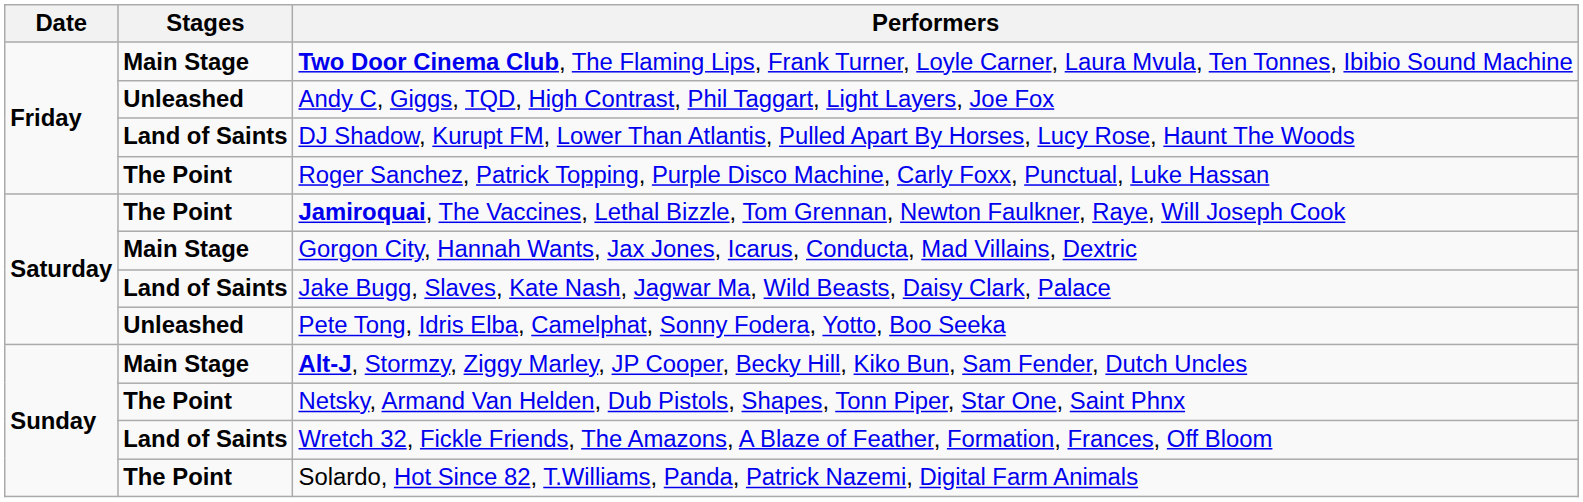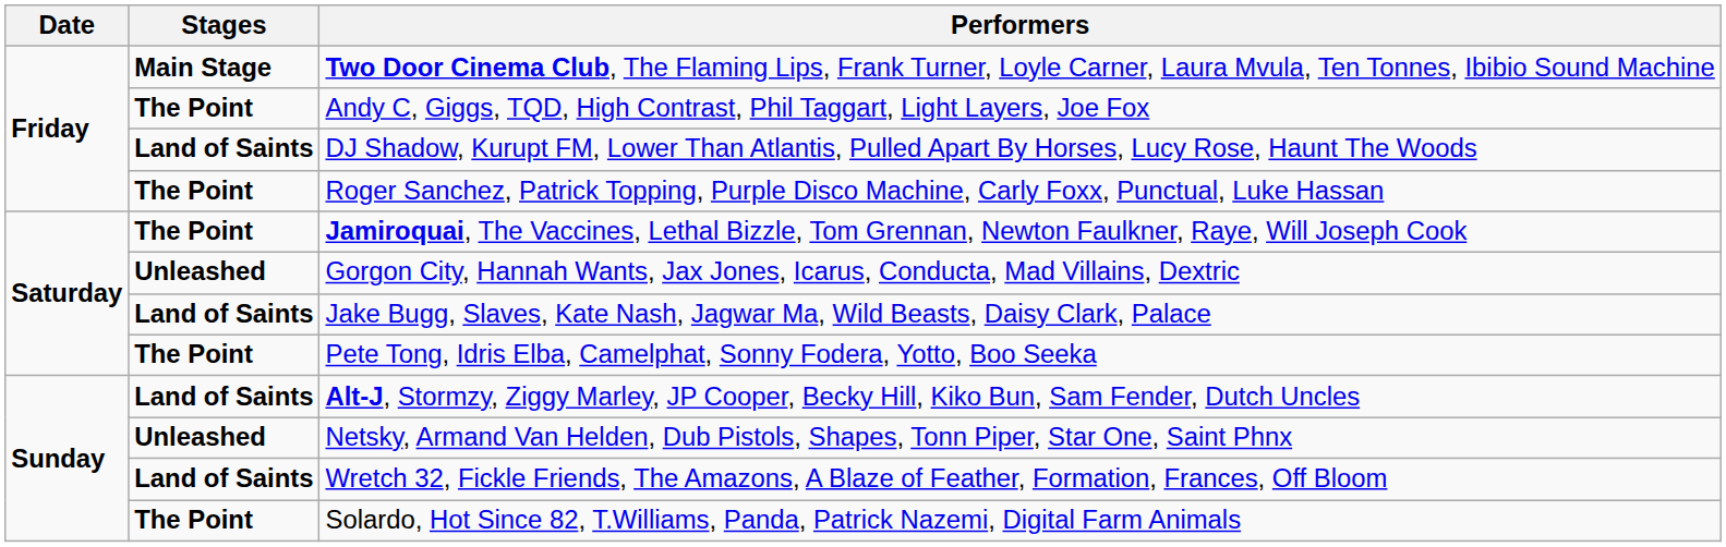 <table class="wikitable">
 <tr>
 <th><strong>Date</strong></th>
 <th><strong>Stages</strong></th>
 <th><strong>Performers</strong></th>
 </tr>
 <tr>
 <td rowspan="4"><strong>Friday</strong></td>
 <td><strong>Main Stage</strong></td>
 <td><strong><a href='#'>Two Door Cinema Club</a></strong>, <a href='#'>The Flaming Lips</a>, <a href='#'>Frank Turner</a>, <a href='#'>Loyle Carner</a>, <a href='#'>Laura Mvula</a>, <a href='#'>Ten Tonnes</a>, <a href='#'>Ibibio Sound Machine</a></td>
 </tr>
 <tr>
-<td><strong>Unleashed</strong></td>
+<td><strong>The Point</strong></td>
 <td><a href='#'>Andy C</a>, <a href='#'>Giggs</a>, <a href='#'>TQD</a>, <a href='#'>High Contrast</a>, <a href='#'>Phil Taggart</a>, <a href='#'>Light Layers</a>, <a href='#'>Joe Fox</a></td>
 </tr>
 <tr>
 <td><strong>Land of Saints</strong></td>
 <td><a href='#'>DJ Shadow</a>, <a href='#'>Kurupt FM</a>, <a href='#'>Lower Than Atlantis</a>, <a href='#'>Pulled Apart By Horses</a>, <a href='#'>Lucy Rose</a>, <a href='#'>Haunt The Woods</a></td>
 </tr>
 <tr>
 <td><strong>The Point</strong></td>
 <td><a href='#'>Roger Sanchez</a>, <a href='#'>Patrick Topping</a>, <a href='#'>Purple Disco Machine</a>, <a href='#'>Carly Foxx</a>, <a href='#'>Punctual</a>, <a href='#'>Luke Hassan</a></td>
 </tr>
 <tr>
 <td rowspan="4"><strong>Saturday</strong></td>
 <td><strong>The Point</strong></td>
 <td><strong><a href='#'>Jamiroquai</a></strong>, <a href='#'>The Vaccines</a>, <a href='#'>Lethal Bizzle</a>, <a href='#'>Tom Grennan</a>, <a href='#'>Newton Faulkner</a>, <a href='#'>Raye</a>, <a href='#'>Will Joseph Cook</a></td>
 </tr>
 <tr>
-<td><strong>Main Stage</strong></td>
+<td><strong>Unleashed</strong></td>
 <td><a href='#'>Gorgon City</a>, <a href='#'>Hannah Wants</a>, <a href='#'>Jax Jones</a>, <a href='#'>Icarus</a>, <a href='#'>Conducta</a>, <a href='#'>Mad Villains</a>, <a href='#'>Dextric</a></td>
 </tr>
 <tr>
 <td><strong>Land of Saints</strong></td>
 <td><a href='#'>Jake Bugg</a>, <a href='#'>Slaves</a>, <a href='#'>Kate Nash</a>, <a href='#'>Jagwar Ma</a>, <a href='#'>Wild Beasts</a>, <a href='#'>Daisy Clark</a>, <a href='#'>Palace</a></td>
 </tr>
 <tr>
-<td><strong>Unleashed</strong></td>
+<td><strong>The Point</strong></td>
 <td><a href='#'>Pete Tong</a>, <a href='#'>Idris Elba</a>, <a href='#'>Camelphat</a>, <a href='#'>Sonny Fodera</a>, <a href='#'>Yotto</a>, <a href='#'>Boo Seeka</a></td>
 </tr>
 <tr>
 <td rowspan="4"><strong>Sunday</strong></td>
-<td><strong>Main Stage</strong></td>
+<td><strong>Land of Saints</strong></td>
 <td><strong><a href='#'>Alt-J</a></strong>, <a href='#'>Stormzy</a>, <a href='#'>Ziggy Marley</a>, <a href='#'>JP Cooper</a>, <a href='#'>Becky Hill</a>, <a href='#'>Kiko Bun</a>, <a href='#'>Sam Fender</a>, <a href='#'>Dutch Uncles</a></td>
 </tr>
 <tr>
-<td><strong>The Point</strong></td>
+<td><strong>Unleashed</strong></td>
 <td><a href='#'>Netsky</a>, <a href='#'>Armand Van Helden</a>, <a href='#'>Dub Pistols</a>, <a href='#'>Shapes</a>, <a href='#'>Tonn Piper</a>, <a href='#'>Star One</a>, <a href='#'>Saint Phnx</a></td>
 </tr>
 <tr>
 <td><strong>Land of Saints</strong></td>
 <td><a href='#'>Wretch 32</a>, <a href='#'>Fickle Friends</a>, <a href='#'>The Amazons</a>, <a href='#'>A Blaze of Feather</a>, <a href='#'>Formation</a>, <a href='#'>Frances</a>, <a href='#'>Off Bloom</a></td>
 </tr>
 <tr>
 <td><strong>The Point</strong></td>
 <td>Solardo, <a href='#'>Hot Since 82</a>, <a href='#'>T.Williams</a>, <a href='#'>Panda</a>, <a href='#'>Patrick Nazemi</a>, <a href='#'>Digital Farm Animals</a></td>
 </tr>
 </table>
